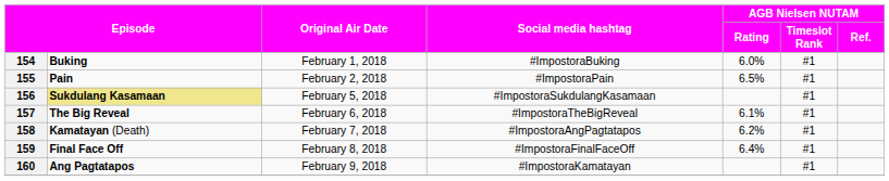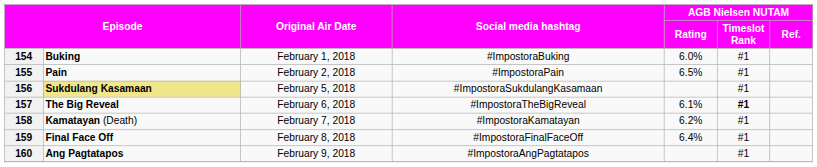 <table class="wikitable" style="text-align:center; font-size:100%; line-height:18px;"  width="100%">
 <tr>
 <th colspan="2" rowspan="2" style="background-color:#FF00FF; color:#ffffff;">Episode</th>
 <th style="background:#FF00FF; color:white" rowspan="2">Original Air Date</th>
 <th style="background:#FF00FF; color:white" rowspan="2">Social media hashtag</th>
 <th style="background-color:#FF00FF; color:#ffffff;" colspan="3">AGB Nielsen NUTAM</th>
 </tr>
 <tr>
 <th style="background-color:#FF00FF; width:75px; color:#ffffff;">Rating</th>
 <th style="background-color:#FF00FF; width:75px; color:#ffffff;">Timeslot<br>Rank</th>
 <th style="background-color:#FF00FF; color:#ffffff;">Ref.</th>
 </tr>
 <tr>
 <th>154</th>
 <td style="text-align: left;"><strong>Buking</strong></td>
 <td>February 1, 2018</td>
 <td>#ImpostoraBuking</td>
 <td>6.0%</td>
 <td>#1</td>
 <td></td>
 </tr>
 <tr>
 <th>155</th>
 <td style="text-align: left;"><strong>Pain</strong></td>
 <td>February 2, 2018</td>
 <td>#ImpostoraPain</td>
 <td>6.5%</td>
 <td>#1</td>
 <td></td>
 </tr>
 <tr>
 <th>156</th>
 <td style="background: khaki; text-align: left;"><strong>Sukdulang Kasamaan</strong></td>
 <td>February 5, 2018</td>
 <td>#ImpostoraSukdulangKasamaan</td>
 <td></td>
 <td>#1</td>
 <td></td>
 </tr>
 <tr>
 <th>157</th>
 <td style="text-align: left;"><strong>The Big Reveal</strong></td>
 <td>February 6, 2018</td>
 <td>#ImpostoraTheBigReveal</td>
 <td>6.1%</td>
-<td>#1</td>
+<td><strong>#1</strong></td>
 <td></td>
 </tr>
 <tr>
 <th>158</th>
 <td style="text-align: left;"><strong>Kamatayan</strong> (Death)</td>
 <td>February 7, 2018</td>
-<td>#ImpostoraAngPagtatapos</td>
+<td>#ImpostoraKamatayan</td>
 <td>6.2%</td>
 <td>#1</td>
 <td></td>
 </tr>
 <tr>
 <th>159</th>
 <td style="text-align: left;"><strong>Final Face Off</strong></td>
 <td>February 8, 2018</td>
 <td>#ImpostoraFinalFaceOff</td>
 <td>6.4%</td>
 <td>#1</td>
 <td></td>
 </tr>
 <tr>
 <th>160</th>
 <td style="text-align: left;"><strong>Ang Pagtatapos</strong></td>
 <td>February 9, 2018</td>
-<td>#ImpostoraKamatayan</td>
+<td>#ImpostoraAngPagtatapos</td>
 <td></td>
 <td>#1</td>
 <td></td>
 </tr>
 <tr>
 </tr>
 </table>
